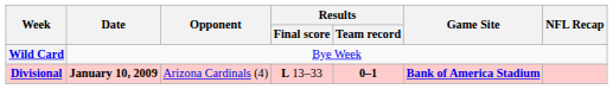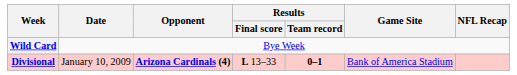 <table class="wikitable"  style="margin:auto; font-size:92%;">
 <tr>
 <th rowspan="2">Week</th>
 <th rowspan="2">Date</th>
 <th rowspan="2">Opponent</th>
 <th colspan="2">Results</th>
 <th rowspan="2">Game Site</th>
 <th rowspan="2">NFL Recap</th>
 </tr>
 <tr>
 <th>Final score</th>
 <th>Team record</th>
 </tr>
 <tr style="text-align:center;">
 <th><strong><a href='#'>Wild Card</a></strong></th>
 <td colspan="9" style="text-align:center; text-align:center;"><a href='#'>Bye Week</a></td>
 </tr>
 <tr style="background:#fcc; text-align:center;">
 <td><strong><a href='#'>Divisional</a></strong></td>
-<td><strong>January 10, 2009</strong></td>
-<td><a href='#'>Arizona Cardinals</a> (4)</td>
+<td>January 10, 2009</td>
+<td><strong><a href='#'>Arizona Cardinals</a> (4)</strong></td>
 <td><strong>L</strong> 13–33</td>
 <td><strong>0–1</strong></td>
-<td><strong><a href='#'>Bank of America Stadium</a></strong></td>
+<td><a href='#'>Bank of America Stadium</a></td>
 <td></td>
 </tr>
 </table>
